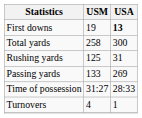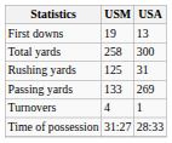 <table class="wikitable">
 <tr>
 <th>Statistics</th>
 <th>USM</th>
 <th>USA</th>
 </tr>
 <tr>
 <td>First downs</td>
 <td>19</td>
-<td><strong>13</strong></td>
+<td>13</td>
 </tr>
 <tr>
 <td>Total yards</td>
 <td>258</td>
 <td>300</td>
 </tr>
 <tr>
 <td>Rushing yards</td>
 <td>125</td>
 <td>31</td>
 </tr>
 <tr>
 <td>Passing yards</td>
 <td>133</td>
 <td>269</td>
 </tr>
 <tr>
+<td>Turnovers</td>
+<td>4</td>
+<td>1</td>
+</tr>
+<tr>
 <td>Time of possession</td>
 <td>31:27</td>
 <td>28:33</td>
 </tr>
 <tr>
-<td>Turnovers</td>
-<td>4</td>
-<td>1</td>
-</tr>
-<tr>
 </tr>
 </table>
